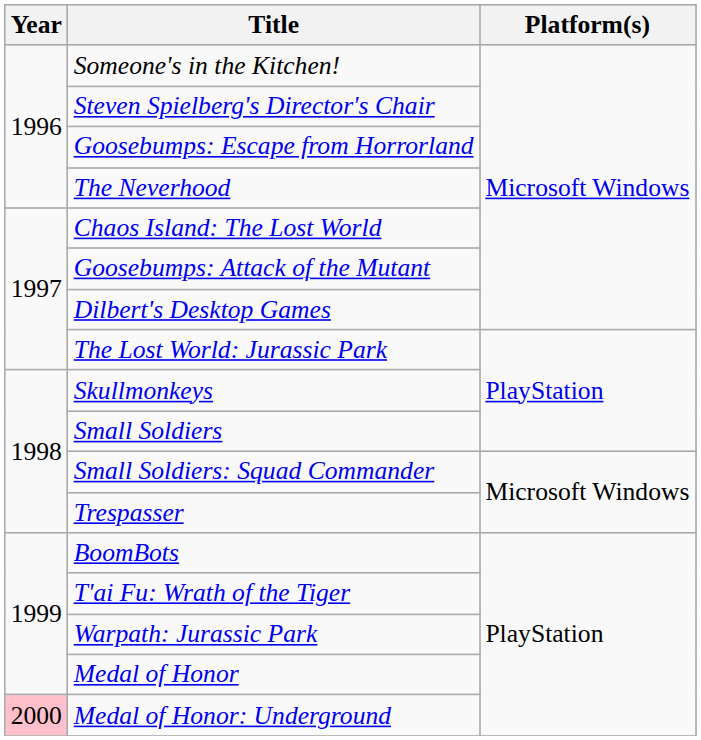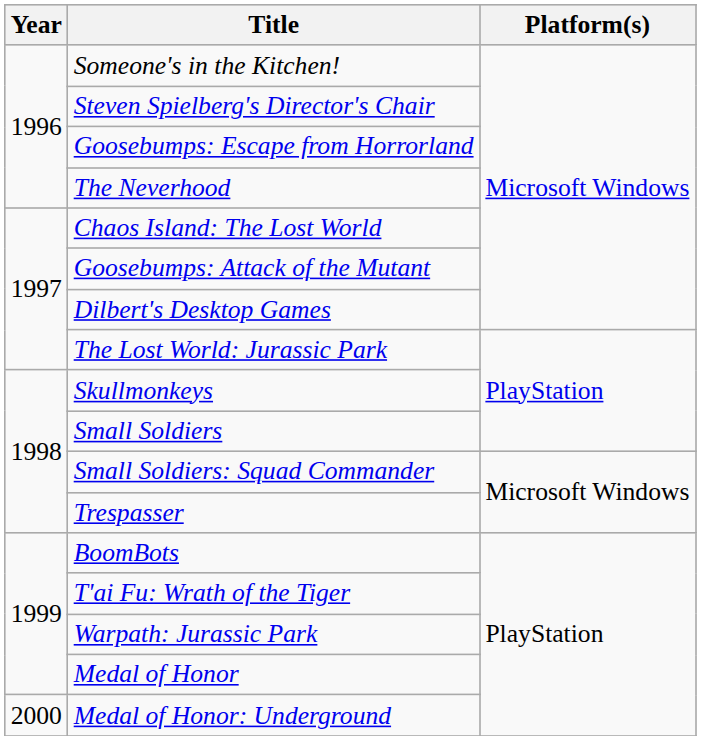 <table class="wikitable sortable">
 <tr>
 <th>Year</th>
 <th>Title</th>
 <th>Platform(s)</th>
 </tr>
 <tr>
 <td rowspan="4">1996</td>
 <td><em>Someone's in the Kitchen!</em></td>
 <td rowspan="7"><a href='#'>Microsoft Windows</a></td>
 </tr>
 <tr>
 <td><em><a href='#'>Steven Spielberg's Director's Chair</a></em></td>
 </tr>
 <tr>
 <td><em><a href='#'>Goosebumps: Escape from Horrorland</a></em></td>
 </tr>
 <tr>
 <td><em><a href='#'>The Neverhood</a></em></td>
 </tr>
 <tr>
 <td rowspan="4">1997</td>
 <td><em><a href='#'>Chaos Island: The Lost World</a></em></td>
 </tr>
 <tr>
 <td><em><a href='#'>Goosebumps: Attack of the Mutant</a></em></td>
 </tr>
 <tr>
 <td><em><a href='#'>Dilbert's Desktop Games</a></em></td>
 </tr>
 <tr>
 <td><em><a href='#'>The Lost World: Jurassic Park</a></em></td>
 <td rowspan="3"><a href='#'>PlayStation</a></td>
 </tr>
 <tr>
 <td rowspan="4">1998</td>
 <td><em><a href='#'>Skullmonkeys</a></em></td>
 </tr>
 <tr>
 <td><em><a href='#'>Small Soldiers</a></em></td>
 </tr>
 <tr>
 <td><em><a href='#'>Small Soldiers: Squad Commander</a></em></td>
 <td rowspan="2">Microsoft Windows</td>
 </tr>
 <tr>
 <td><em><a href='#'>Trespasser</a></em></td>
 </tr>
 <tr>
 <td rowspan="4">1999</td>
 <td><em><a href='#'>BoomBots</a></em></td>
 <td rowspan="5">PlayStation</td>
 </tr>
 <tr>
 <td><em><a href='#'>T'ai Fu: Wrath of the Tiger</a></em></td>
 </tr>
 <tr>
 <td><em><a href='#'>Warpath: Jurassic Park</a></em></td>
 </tr>
 <tr>
 <td><em><a href='#'>Medal of Honor</a></em></td>
 </tr>
 <tr>
-<td style="background: pink;">2000</td>
+<td>2000</td>
 <td><em><a href='#'>Medal of Honor: Underground</a></em></td>
 </tr>
 </table>
